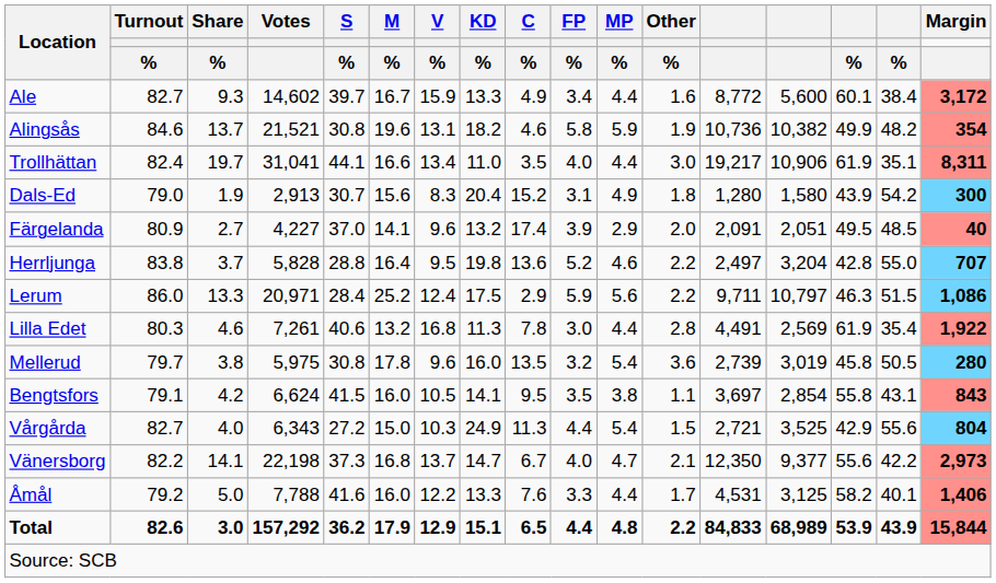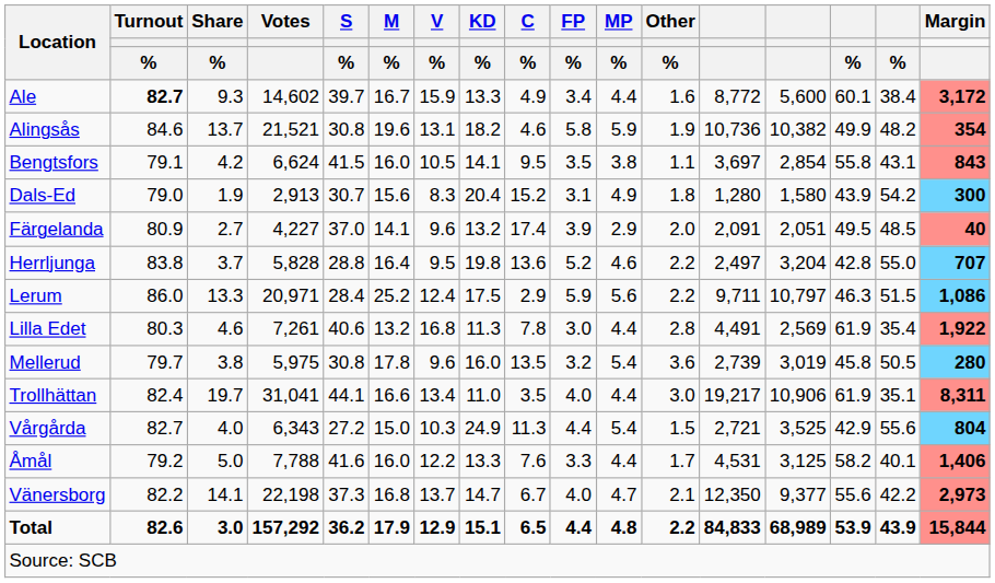 <table class="wikitable sortable" style="text-align:right; font-size:95%; line-height:20px;">
 <tr>
 <th rowspan="3">Location</th>
 <th>Turnout</th>
 <th>Share</th>
 <th>Votes</th>
 <th width="30px" class="unsortable"><a href='#'>S</a></th>
 <th width="30px" class="unsortable"><a href='#'>M</a></th>
 <th width="30px" class="unsortable"><a href='#'>V</a></th>
 <th width="30px" class="unsortable"><a href='#'>KD</a></th>
 <th width="30px" class="unsortable"><a href='#'>C</a></th>
 <th width="30px" class="unsortable"><a href='#'>FP</a></th>
 <th width="30px" class="unsortable"><a href='#'>MP</a></th>
 <th width="30px" class="unsortable">Other</th>
 <th></th>
 <th></th>
 <th></th>
 <th></th>
 <th>Margin</th>
 </tr>
 <tr>
 <th></th>
 <th></th>
 <th></th>
 <th style="background:"></th>
 <th style="background:"></th>
 <th style="background:"></th>
 <th style="background:"></th>
 <th style="background:"></th>
 <th style="background:"></th>
 <th style="background:"></th>
 <th style="background:"></th>
 <th style="background:"></th>
 <th style="background:"></th>
 <th style="background:"></th>
 <th style="background:"></th>
 </tr>
 <tr>
 <th data-sort-type="number">%</th>
 <th data-sort-type="number">%</th>
 <th></th>
 <th data-sort-type="number">%</th>
 <th data-sort-type="number">%</th>
 <th data-sort-type="number">%</th>
 <th data-sort-type="number">%</th>
 <th data-sort-type="number">%</th>
 <th data-sort-type="number">%</th>
 <th data-sort-type="number">%</th>
 <th data-sort-type="number">%</th>
 <th data-sort-type="number"></th>
 <th data-sort-type="number"></th>
 <th data-sort-type="number">%</th>
 <th data-sort-type="number">%</th>
 <th data-sort-type="number"></th>
 </tr>
 <tr>
 <td align=left><a href='#'>Ale</a></td>
-<td>82.7</td>
+<td><strong>82.7</strong></td>
 <td>9.3</td>
 <td>14,602</td>
 <td>39.7</td>
 <td>16.7</td>
 <td>15.9</td>
 <td>13.3</td>
 <td>4.9</td>
 <td>3.4</td>
 <td>4.4</td>
 <td>1.6</td>
 <td>8,772</td>
 <td>5,600</td>
 <td>60.1</td>
 <td>38.4</td>
 <td bgcolor=#ff908c><strong>3,172</strong></td>
 </tr>
 <tr>
 <td align=left><a href='#'>Alingsås</a></td>
 <td>84.6</td>
 <td>13.7</td>
 <td>21,521</td>
 <td>30.8</td>
 <td>19.6</td>
 <td>13.1</td>
 <td>18.2</td>
 <td>4.6</td>
 <td>5.8</td>
 <td>5.9</td>
 <td>1.9</td>
 <td>10,736</td>
 <td>10,382</td>
 <td>49.9</td>
 <td>48.2</td>
 <td bgcolor=#ff908c><strong>354</strong></td>
 </tr>
 <tr>
-<td align=left><a href='#'>Trollhättan</a></td>
-<td>82.4</td>
-<td>19.7</td>
-<td>31,041</td>
-<td>44.1</td>
-<td>16.6</td>
-<td>13.4</td>
-<td>11.0</td>
+<td align=left><a href='#'>Bengtsfors</a></td>
+<td>79.1</td>
+<td>4.2</td>
+<td>6,624</td>
+<td>41.5</td>
+<td>16.0</td>
+<td>10.5</td>
+<td>14.1</td>
+<td>9.5</td>
 <td>3.5</td>
-<td>4.0</td>
-<td>4.4</td>
-<td>3.0</td>
-<td>19,217</td>
-<td>10,906</td>
-<td>61.9</td>
-<td>35.1</td>
-<td bgcolor=#ff908c><strong>8,311</strong></td>
+<td>3.8</td>
+<td>1.1</td>
+<td>3,697</td>
+<td>2,854</td>
+<td>55.8</td>
+<td>43.1</td>
+<td bgcolor=#ff908c><strong>843</strong></td>
 </tr>
 <tr>
 <td align=left><a href='#'>Dals-Ed</a></td>
 <td>79.0</td>
 <td>1.9</td>
 <td>2,913</td>
 <td>30.7</td>
 <td>15.6</td>
 <td>8.3</td>
 <td>20.4</td>
 <td>15.2</td>
 <td>3.1</td>
 <td>4.9</td>
 <td>1.8</td>
 <td>1,280</td>
 <td>1,580</td>
 <td>43.9</td>
 <td>54.2</td>
 <td bgcolor=#6fd5fe><strong>300</strong></td>
 </tr>
 <tr>
 <td align=left><a href='#'>Färgelanda</a></td>
 <td>80.9</td>
 <td>2.7</td>
 <td>4,227</td>
 <td>37.0</td>
 <td>14.1</td>
 <td>9.6</td>
 <td>13.2</td>
 <td>17.4</td>
 <td>3.9</td>
 <td>2.9</td>
 <td>2.0</td>
 <td>2,091</td>
 <td>2,051</td>
 <td>49.5</td>
 <td>48.5</td>
 <td bgcolor=#ff908c><strong>40</strong></td>
 </tr>
 <tr>
 <td align=left><a href='#'>Herrljunga</a></td>
 <td>83.8</td>
 <td>3.7</td>
 <td>5,828</td>
 <td>28.8</td>
 <td>16.4</td>
 <td>9.5</td>
 <td>19.8</td>
 <td>13.6</td>
 <td>5.2</td>
 <td>4.6</td>
 <td>2.2</td>
 <td>2,497</td>
 <td>3,204</td>
 <td>42.8</td>
 <td>55.0</td>
 <td bgcolor=#6fd5fe><strong>707</strong></td>
 </tr>
 <tr>
 <td align=left><a href='#'>Lerum</a></td>
 <td>86.0</td>
 <td>13.3</td>
 <td>20,971</td>
 <td>28.4</td>
 <td>25.2</td>
 <td>12.4</td>
 <td>17.5</td>
 <td>2.9</td>
 <td>5.9</td>
 <td>5.6</td>
 <td>2.2</td>
 <td>9,711</td>
 <td>10,797</td>
 <td>46.3</td>
 <td>51.5</td>
 <td bgcolor=#6fd5fe><strong>1,086</strong></td>
 </tr>
 <tr>
 <td align=left><a href='#'>Lilla Edet</a></td>
 <td>80.3</td>
 <td>4.6</td>
 <td>7,261</td>
 <td>40.6</td>
 <td>13.2</td>
 <td>16.8</td>
 <td>11.3</td>
 <td>7.8</td>
 <td>3.0</td>
 <td>4.4</td>
 <td>2.8</td>
 <td>4,491</td>
 <td>2,569</td>
 <td>61.9</td>
 <td>35.4</td>
 <td bgcolor=#ff908c><strong>1,922</strong></td>
 </tr>
 <tr>
 <td align=left><a href='#'>Mellerud</a></td>
 <td>79.7</td>
 <td>3.8</td>
 <td>5,975</td>
 <td>30.8</td>
 <td>17.8</td>
 <td>9.6</td>
 <td>16.0</td>
 <td>13.5</td>
 <td>3.2</td>
 <td>5.4</td>
 <td>3.6</td>
 <td>2,739</td>
 <td>3,019</td>
 <td>45.8</td>
 <td>50.5</td>
 <td bgcolor=#6fd5fe><strong>280</strong></td>
 </tr>
 <tr>
-<td align=left><a href='#'>Bengtsfors</a></td>
-<td>79.1</td>
-<td>4.2</td>
-<td>6,624</td>
-<td>41.5</td>
-<td>16.0</td>
-<td>10.5</td>
-<td>14.1</td>
-<td>9.5</td>
+<td align=left><a href='#'>Trollhättan</a></td>
+<td>82.4</td>
+<td>19.7</td>
+<td>31,041</td>
+<td>44.1</td>
+<td>16.6</td>
+<td>13.4</td>
+<td>11.0</td>
 <td>3.5</td>
-<td>3.8</td>
-<td>1.1</td>
-<td>3,697</td>
-<td>2,854</td>
-<td>55.8</td>
-<td>43.1</td>
-<td bgcolor=#ff908c><strong>843</strong></td>
+<td>4.0</td>
+<td>4.4</td>
+<td>3.0</td>
+<td>19,217</td>
+<td>10,906</td>
+<td>61.9</td>
+<td>35.1</td>
+<td bgcolor=#ff908c><strong>8,311</strong></td>
 </tr>
 <tr>
 <td align=left><a href='#'>Vårgårda</a></td>
 <td>82.7</td>
 <td>4.0</td>
 <td>6,343</td>
 <td>27.2</td>
 <td>15.0</td>
 <td>10.3</td>
 <td>24.9</td>
 <td>11.3</td>
 <td>4.4</td>
 <td>5.4</td>
 <td>1.5</td>
 <td>2,721</td>
 <td>3,525</td>
 <td>42.9</td>
 <td>55.6</td>
 <td bgcolor=#6fd5fe><strong>804</strong></td>
 </tr>
 <tr>
+<td align=left><a href='#'>Åmål</a></td>
+<td>79.2</td>
+<td>5.0</td>
+<td>7,788</td>
+<td>41.6</td>
+<td>16.0</td>
+<td>12.2</td>
+<td>13.3</td>
+<td>7.6</td>
+<td>3.3</td>
+<td>4.4</td>
+<td>1.7</td>
+<td>4,531</td>
+<td>3,125</td>
+<td>58.2</td>
+<td>40.1</td>
+<td bgcolor=#ff908c><strong>1,406</strong></td>
+</tr>
+<tr>
 <td align=left><a href='#'>Vänersborg</a></td>
 <td>82.2</td>
 <td>14.1</td>
 <td>22,198</td>
 <td>37.3</td>
 <td>16.8</td>
 <td>13.7</td>
 <td>14.7</td>
 <td>6.7</td>
 <td>4.0</td>
 <td>4.7</td>
 <td>2.1</td>
 <td>12,350</td>
 <td>9,377</td>
 <td>55.6</td>
 <td>42.2</td>
 <td bgcolor=#ff908c><strong>2,973</strong></td>
-</tr>
-<tr>
-<td align=left><a href='#'>Åmål</a></td>
-<td>79.2</td>
-<td>5.0</td>
-<td>7,788</td>
-<td>41.6</td>
-<td>16.0</td>
-<td>12.2</td>
-<td>13.3</td>
-<td>7.6</td>
-<td>3.3</td>
-<td>4.4</td>
-<td>1.7</td>
-<td>4,531</td>
-<td>3,125</td>
-<td>58.2</td>
-<td>40.1</td>
-<td bgcolor=#ff908c><strong>1,406</strong></td>
 </tr>
 <tr>
 <td align=left><strong>Total</strong></td>
 <td><strong>82.6</strong></td>
 <td><strong>3.0</strong></td>
 <td><strong>157,292</strong></td>
 <td><strong>36.2</strong></td>
 <td><strong>17.9</strong></td>
 <td><strong>12.9</strong></td>
 <td><strong>15.1</strong></td>
 <td><strong>6.5</strong></td>
 <td><strong>4.4</strong></td>
 <td><strong>4.8</strong></td>
 <td><strong>2.2</strong></td>
 <td><strong>84,833</strong></td>
 <td><strong>68,989</strong></td>
 <td><strong>53.9</strong></td>
 <td><strong>43.9</strong></td>
 <td bgcolor=#ff908c><strong>15,844</strong></td>
 </tr>
 <tr>
 <td align=left colspan=17>Source: SCB </td>
 </tr>
 </table>
